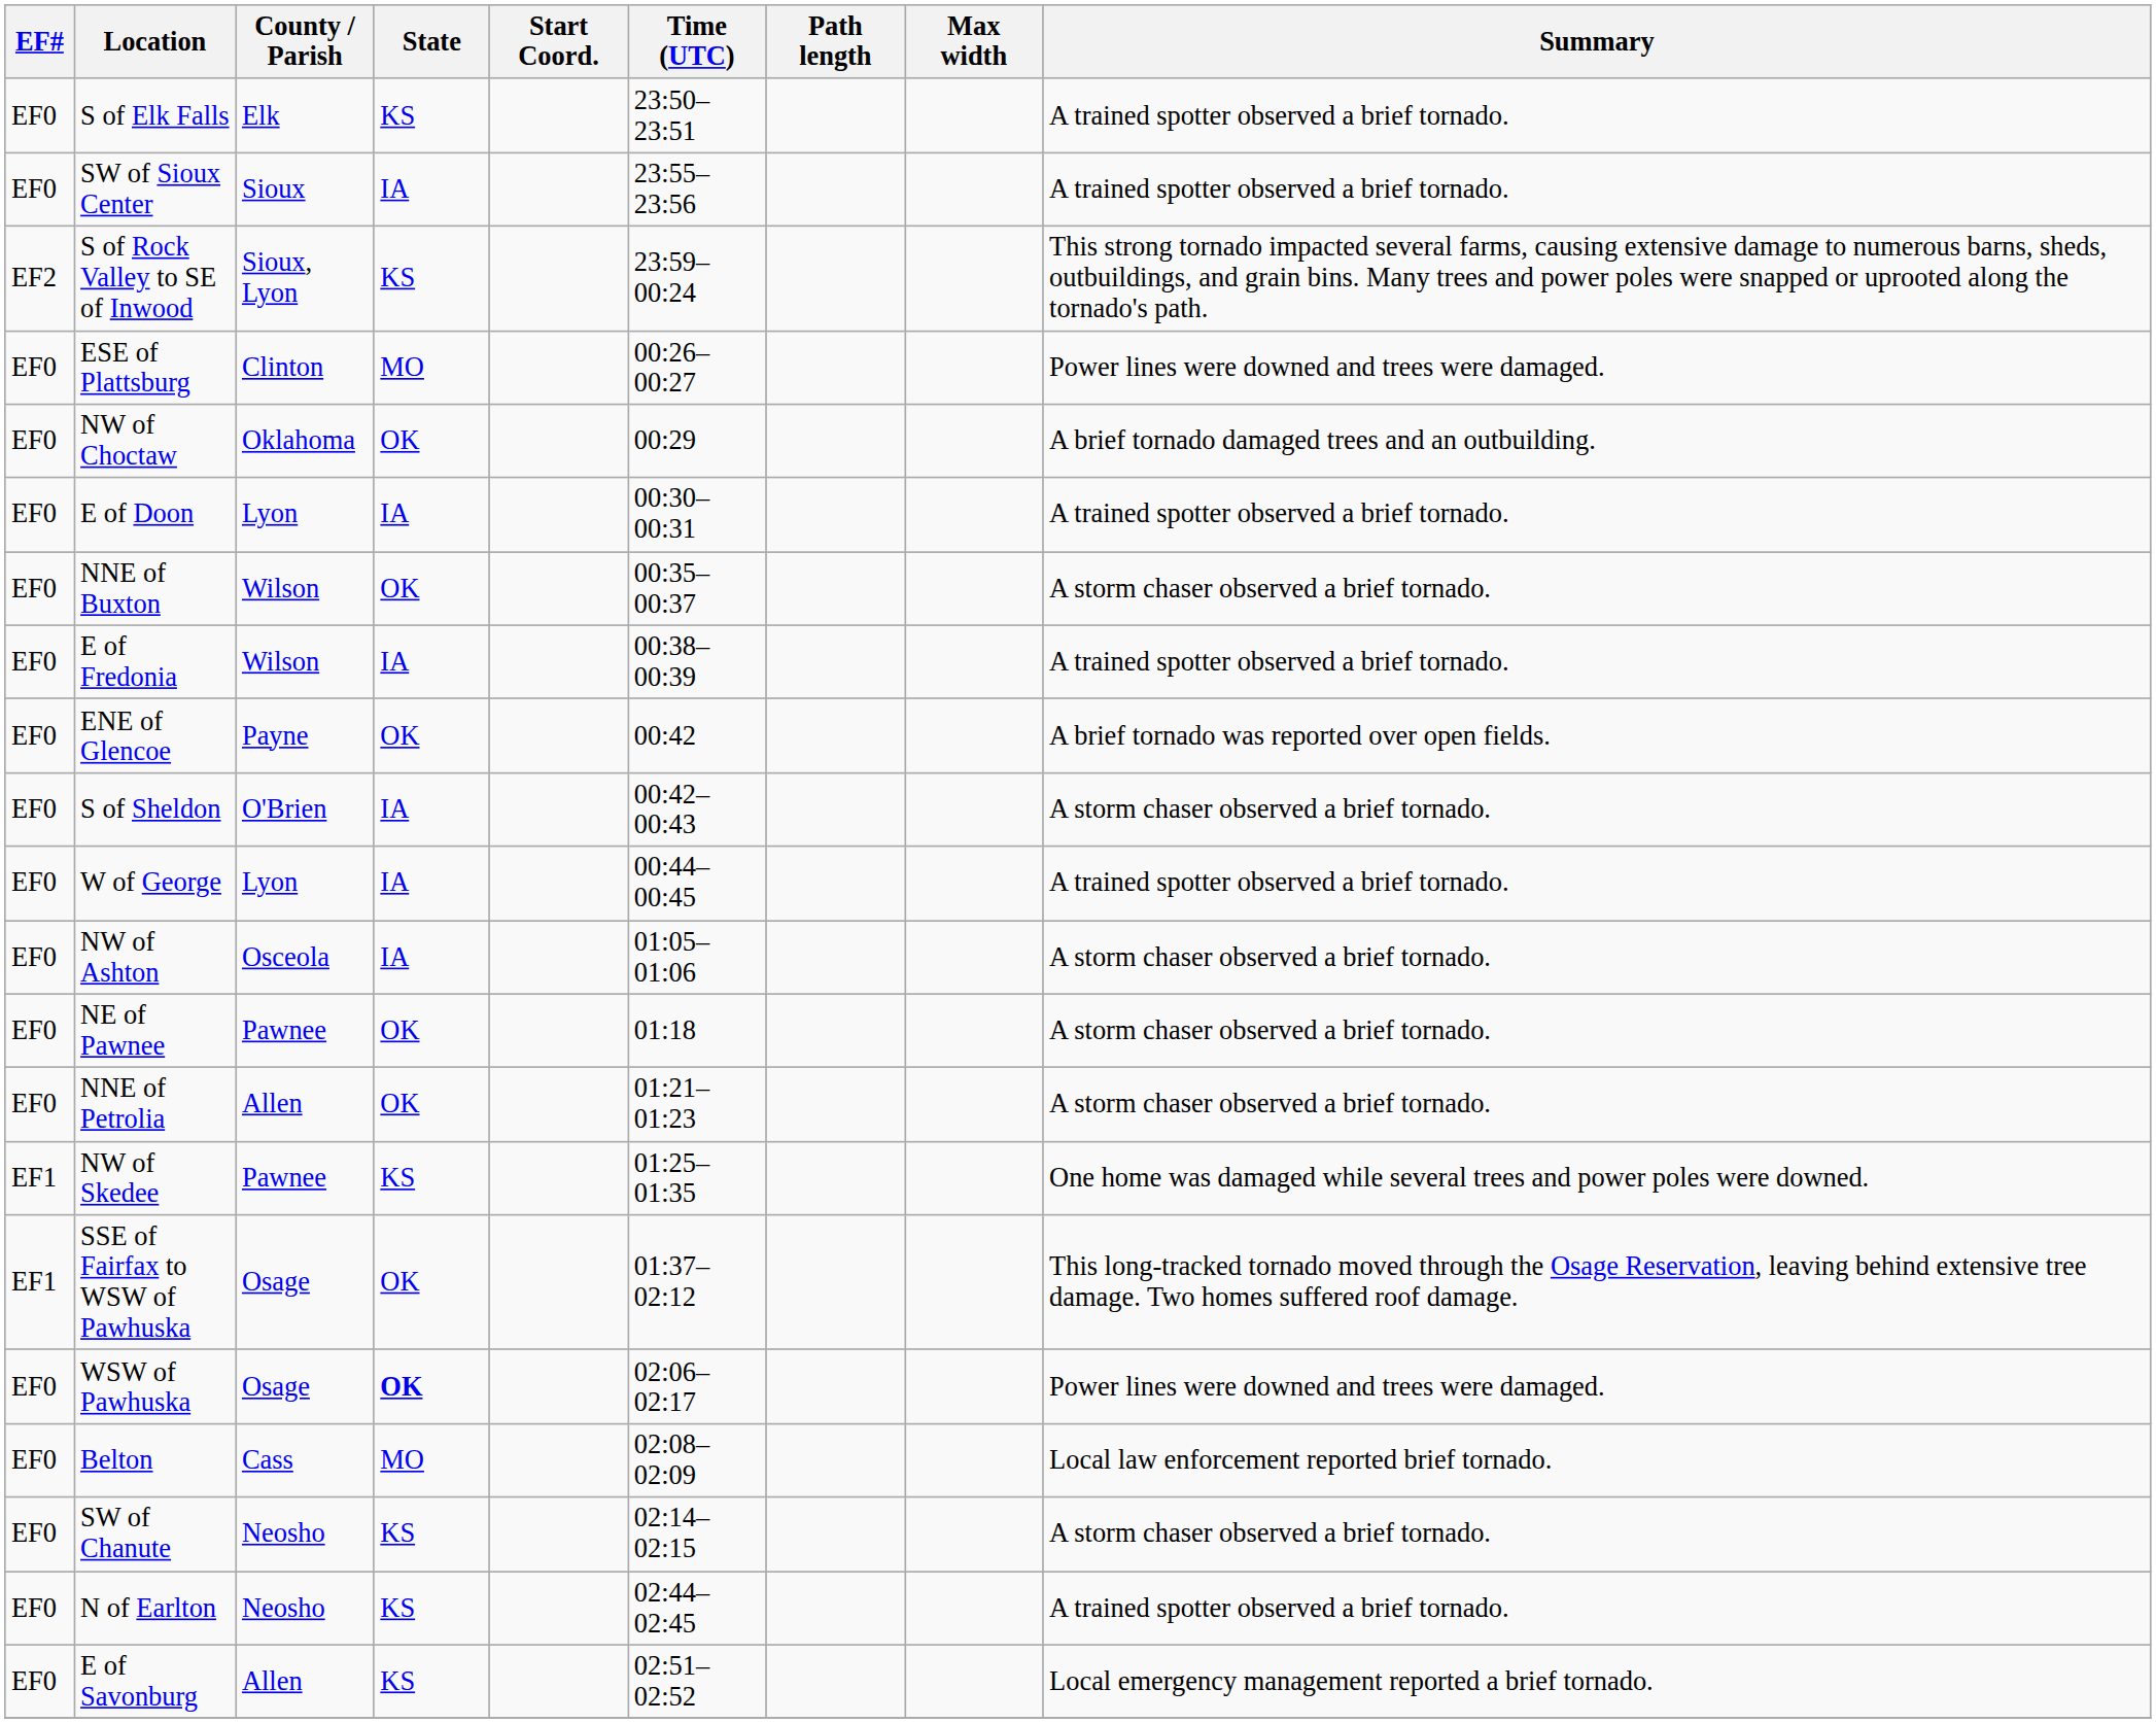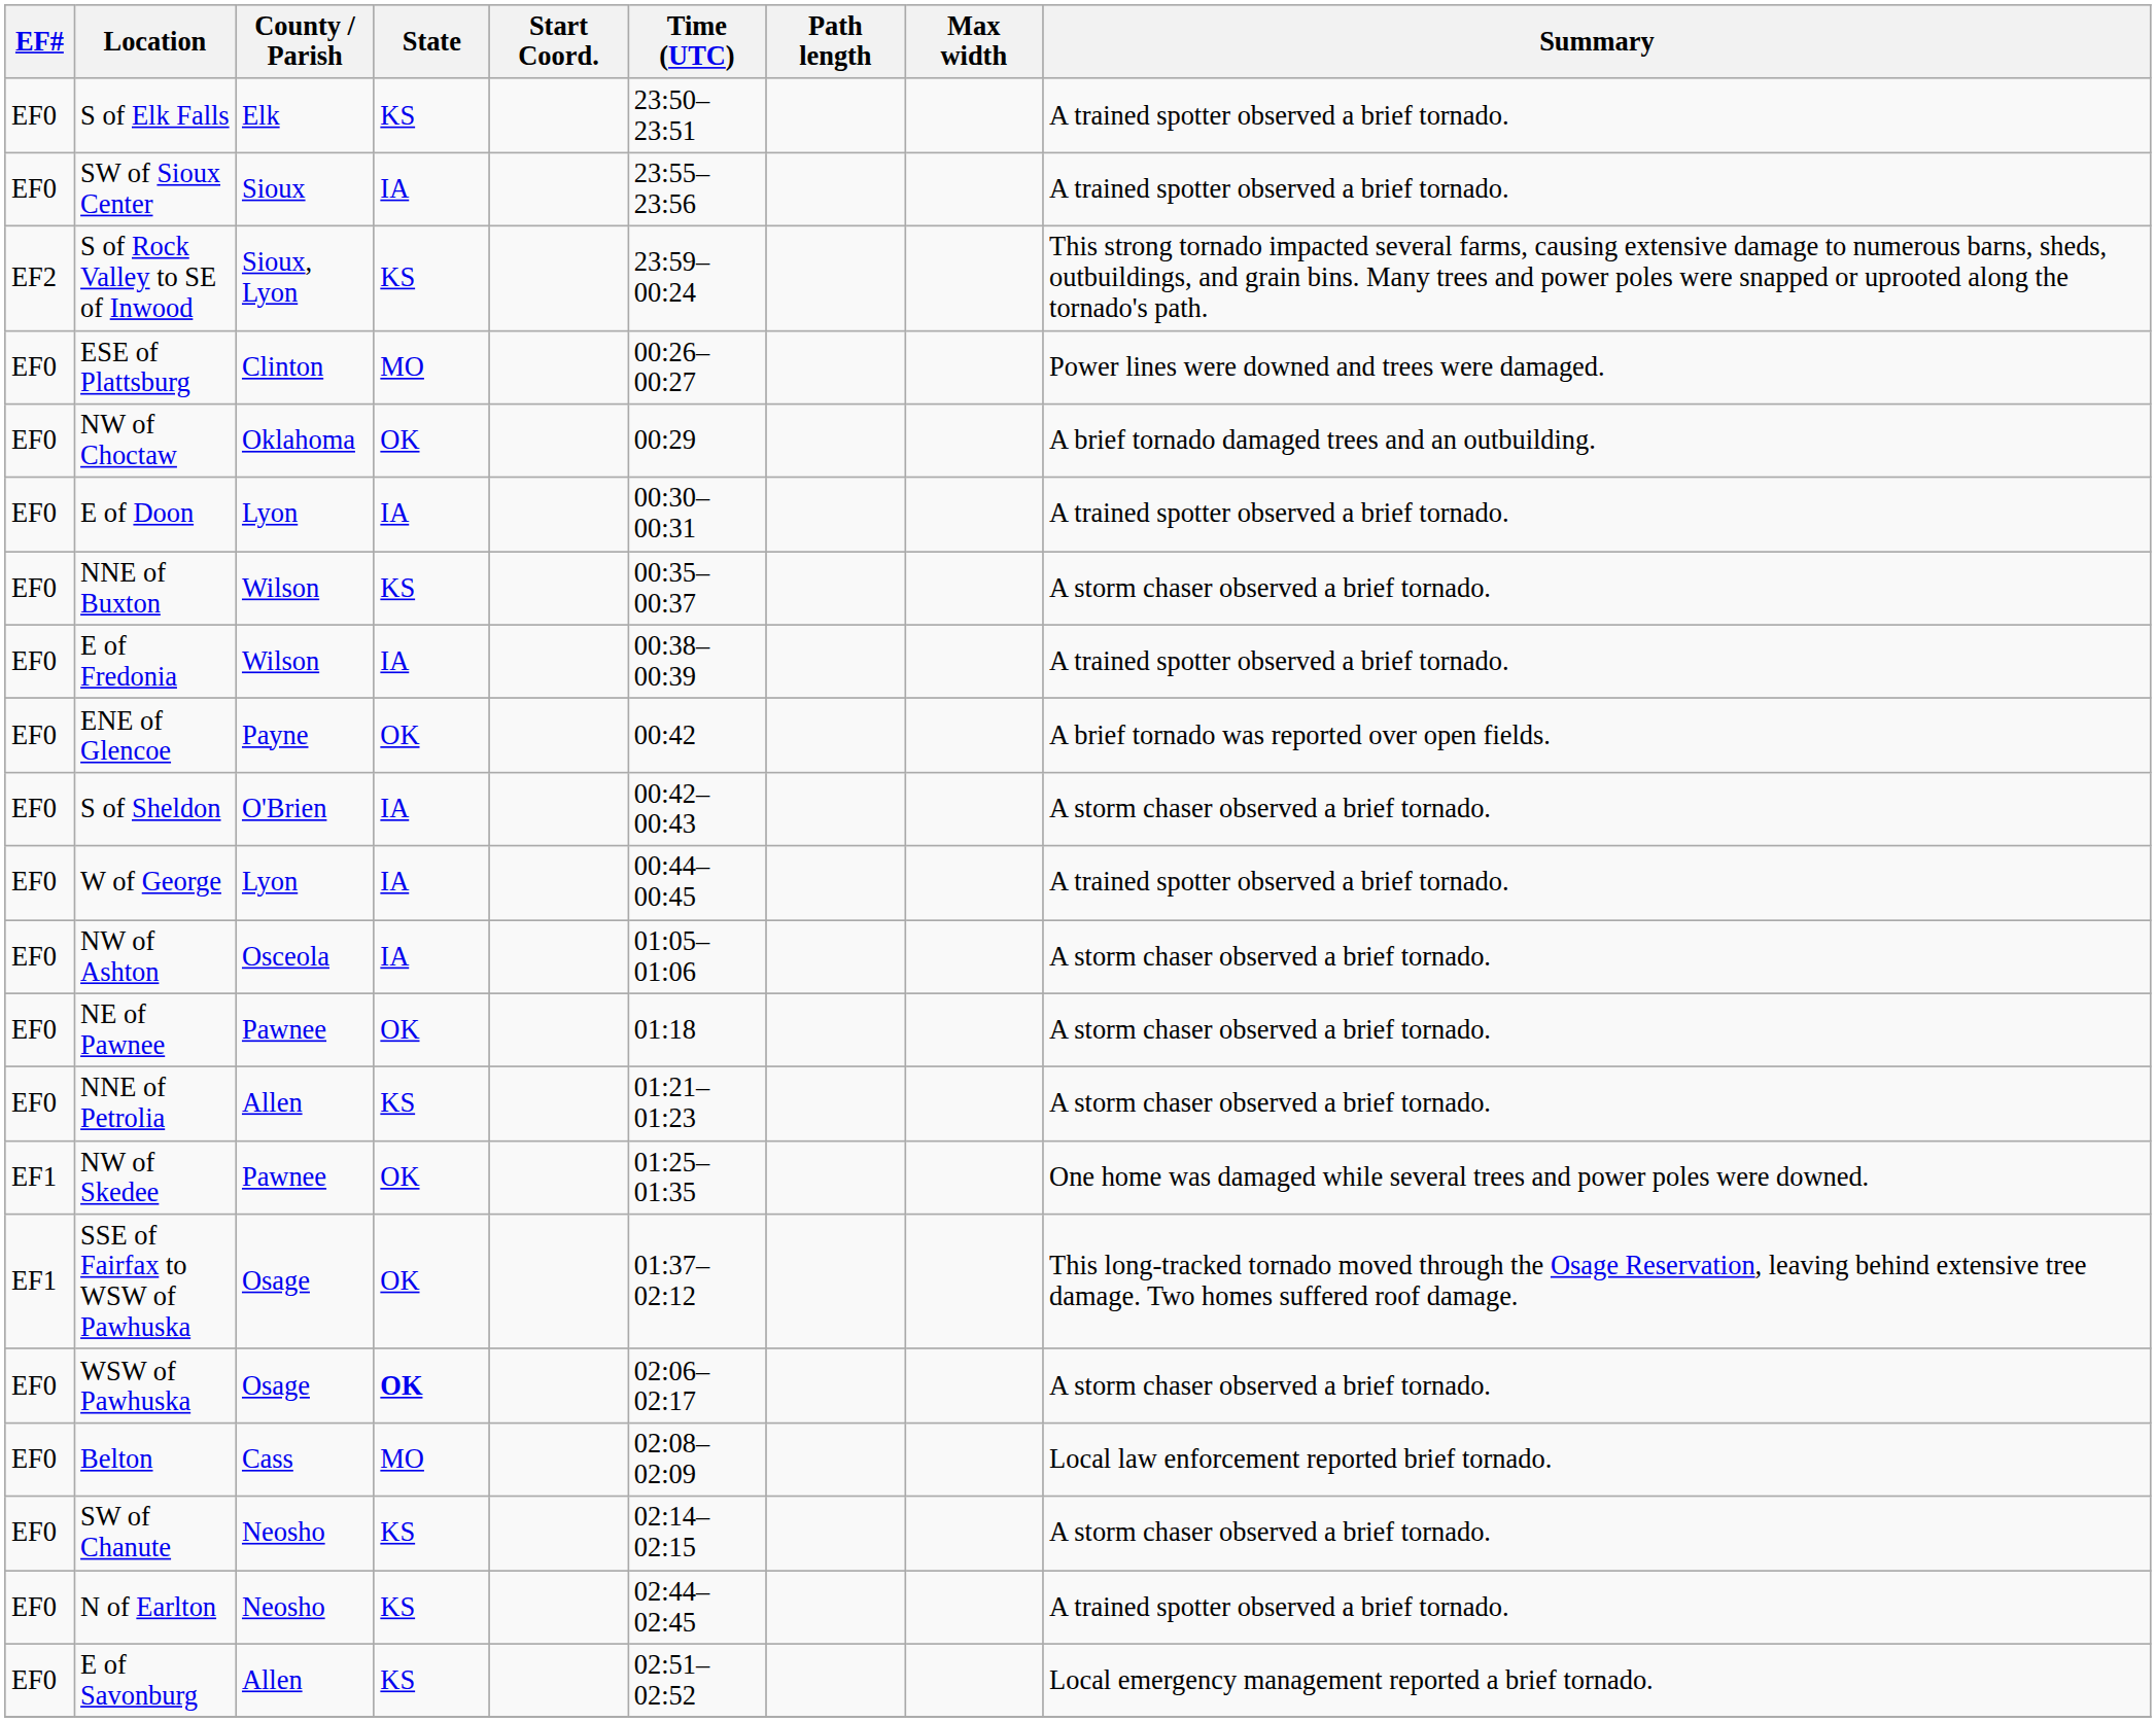 <table class="wikitable sortable" style="width:100%;">
 <tr>
 <th scope="col"  style="width:3%; text-align:center;"><a href='#'>EF#</a></th>
 <th scope="col"  style="width:7%; text-align:center;" class="unsortable">Location</th>
 <th scope="col"  style="width:6%; text-align:center;" class="unsortable">County / Parish</th>
 <th scope="col"  style="width:5%; text-align:center;">State</th>
 <th scope="col"  style="width:6%; text-align:center;">Start Coord.</th>
 <th scope="col"  style="width:6%; text-align:center;">Time (<a href='#'>UTC</a>)</th>
 <th scope="col"  style="width:6%; text-align:center;">Path length</th>
 <th scope="col"  style="width:6%; text-align:center;">Max width</th>
 <th scope="col" class="unsortable" style="width:48%; text-align:center;">Summary</th>
 </tr>
 <tr>
 <td>EF0</td>
 <td>S of <a href='#'>Elk Falls</a></td>
 <td><a href='#'>Elk</a></td>
 <td><a href='#'>KS</a></td>
 <td></td>
 <td>23:50–23:51</td>
 <td></td>
 <td></td>
 <td>A trained spotter observed a brief tornado.</td>
 </tr>
 <tr>
 <td>EF0</td>
 <td>SW of <a href='#'>Sioux Center</a></td>
 <td><a href='#'>Sioux</a></td>
 <td><a href='#'>IA</a></td>
 <td></td>
 <td>23:55–23:56</td>
 <td></td>
 <td></td>
 <td>A trained spotter observed a brief tornado.</td>
 </tr>
 <tr>
 <td>EF2</td>
 <td>S of <a href='#'>Rock Valley</a> to SE of <a href='#'>Inwood</a></td>
 <td><a href='#'>Sioux</a>, <a href='#'>Lyon</a></td>
 <td><a href='#'>KS</a></td>
 <td></td>
 <td>23:59–00:24</td>
 <td></td>
 <td></td>
 <td>This strong tornado impacted several farms, causing extensive damage to numerous barns, sheds, outbuildings, and grain bins. Many trees and power poles were snapped or uprooted along the tornado's path.</td>
 </tr>
 <tr>
 <td>EF0</td>
 <td>ESE of <a href='#'>Plattsburg</a></td>
 <td><a href='#'>Clinton</a></td>
 <td><a href='#'>MO</a></td>
 <td></td>
 <td>00:26–00:27</td>
 <td></td>
 <td></td>
 <td>Power lines were downed and trees were damaged.</td>
 </tr>
 <tr>
 <td>EF0</td>
 <td>NW of <a href='#'>Choctaw</a></td>
 <td><a href='#'>Oklahoma</a></td>
 <td><a href='#'>OK</a></td>
 <td></td>
 <td>00:29</td>
 <td></td>
 <td></td>
 <td>A brief tornado damaged trees and an outbuilding.</td>
 </tr>
 <tr>
 <td>EF0</td>
 <td>E of <a href='#'>Doon</a></td>
 <td><a href='#'>Lyon</a></td>
 <td><a href='#'>IA</a></td>
 <td></td>
 <td>00:30–00:31</td>
 <td></td>
 <td></td>
 <td>A trained spotter observed a brief tornado.</td>
 </tr>
 <tr>
 <td>EF0</td>
 <td>NNE of <a href='#'>Buxton</a></td>
 <td><a href='#'>Wilson</a></td>
-<td><a href='#'>OK</a></td>
+<td><a href='#'>KS</a></td>
 <td></td>
 <td>00:35–00:37</td>
 <td></td>
 <td></td>
 <td>A storm chaser observed a brief tornado.</td>
 </tr>
 <tr>
 <td>EF0</td>
 <td>E of <a href='#'>Fredonia</a></td>
 <td><a href='#'>Wilson</a></td>
 <td><a href='#'>IA</a></td>
 <td></td>
 <td>00:38–00:39</td>
 <td></td>
 <td></td>
 <td>A trained spotter observed a brief tornado.</td>
 </tr>
 <tr>
 <td>EF0</td>
 <td>ENE of <a href='#'>Glencoe</a></td>
 <td><a href='#'>Payne</a></td>
 <td><a href='#'>OK</a></td>
 <td></td>
 <td>00:42</td>
 <td></td>
 <td></td>
 <td>A brief tornado was reported over open fields.</td>
 </tr>
 <tr>
 <td>EF0</td>
 <td>S of <a href='#'>Sheldon</a></td>
 <td><a href='#'>O'Brien</a></td>
 <td><a href='#'>IA</a></td>
 <td></td>
 <td>00:42–00:43</td>
 <td></td>
 <td></td>
 <td>A storm chaser observed a brief tornado.</td>
 </tr>
 <tr>
 <td>EF0</td>
 <td>W of <a href='#'>George</a></td>
 <td><a href='#'>Lyon</a></td>
 <td><a href='#'>IA</a></td>
 <td></td>
 <td>00:44–00:45</td>
 <td></td>
 <td></td>
 <td>A trained spotter observed a brief tornado.</td>
 </tr>
 <tr>
 <td>EF0</td>
 <td>NW of <a href='#'>Ashton</a></td>
 <td><a href='#'>Osceola</a></td>
 <td><a href='#'>IA</a></td>
 <td></td>
 <td>01:05–01:06</td>
 <td></td>
 <td></td>
 <td>A storm chaser observed a brief tornado.</td>
 </tr>
 <tr>
 <td>EF0</td>
 <td>NE of <a href='#'>Pawnee</a></td>
 <td><a href='#'>Pawnee</a></td>
 <td><a href='#'>OK</a></td>
 <td></td>
 <td>01:18</td>
 <td></td>
 <td></td>
 <td>A storm chaser observed a brief tornado.</td>
 </tr>
 <tr>
 <td>EF0</td>
 <td>NNE of <a href='#'>Petrolia</a></td>
 <td><a href='#'>Allen</a></td>
-<td><a href='#'>OK</a></td>
+<td><a href='#'>KS</a></td>
 <td></td>
 <td>01:21–01:23</td>
 <td></td>
 <td></td>
 <td>A storm chaser observed a brief tornado.</td>
 </tr>
 <tr>
 <td>EF1</td>
 <td>NW of <a href='#'>Skedee</a></td>
 <td><a href='#'>Pawnee</a></td>
-<td><a href='#'>KS</a></td>
+<td><a href='#'>OK</a></td>
 <td></td>
 <td>01:25–01:35</td>
 <td></td>
 <td></td>
 <td>One home was damaged while several trees and power poles were downed.</td>
 </tr>
 <tr>
 <td>EF1</td>
 <td>SSE of <a href='#'>Fairfax</a> to WSW of <a href='#'>Pawhuska</a></td>
 <td><a href='#'>Osage</a></td>
 <td><a href='#'>OK</a></td>
 <td></td>
 <td>01:37–02:12</td>
 <td></td>
 <td></td>
 <td>This long-tracked tornado moved through the <a href='#'>Osage Reservation</a>, leaving behind extensive tree damage. Two homes suffered roof damage.</td>
 </tr>
 <tr>
 <td>EF0</td>
 <td>WSW of <a href='#'>Pawhuska</a></td>
 <td><a href='#'>Osage</a></td>
 <td><strong><a href='#'>OK</a></strong></td>
 <td></td>
 <td>02:06–02:17</td>
 <td></td>
 <td></td>
-<td>Power lines were downed and trees were damaged.</td>
+<td>A storm chaser observed a brief tornado.</td>
 </tr>
 <tr>
 <td>EF0</td>
 <td><a href='#'>Belton</a></td>
 <td><a href='#'>Cass</a></td>
 <td><a href='#'>MO</a></td>
 <td></td>
 <td>02:08–02:09</td>
 <td></td>
 <td></td>
 <td>Local law enforcement reported brief tornado.</td>
 </tr>
 <tr>
 <td>EF0</td>
 <td>SW of <a href='#'>Chanute</a></td>
 <td><a href='#'>Neosho</a></td>
 <td><a href='#'>KS</a></td>
 <td></td>
 <td>02:14–02:15</td>
 <td></td>
 <td></td>
 <td>A storm chaser observed a brief tornado.</td>
 </tr>
 <tr>
 <td>EF0</td>
 <td>N of <a href='#'>Earlton</a></td>
 <td><a href='#'>Neosho</a></td>
 <td><a href='#'>KS</a></td>
 <td></td>
 <td>02:44–02:45</td>
 <td></td>
 <td></td>
 <td>A trained spotter observed a brief tornado.</td>
 </tr>
 <tr>
 <td>EF0</td>
 <td>E of <a href='#'>Savonburg</a></td>
 <td><a href='#'>Allen</a></td>
 <td><a href='#'>KS</a></td>
 <td></td>
 <td>02:51–02:52</td>
 <td></td>
 <td></td>
 <td>Local emergency management reported a brief tornado.</td>
 </tr>
 <tr>
 </tr>
 </table>
